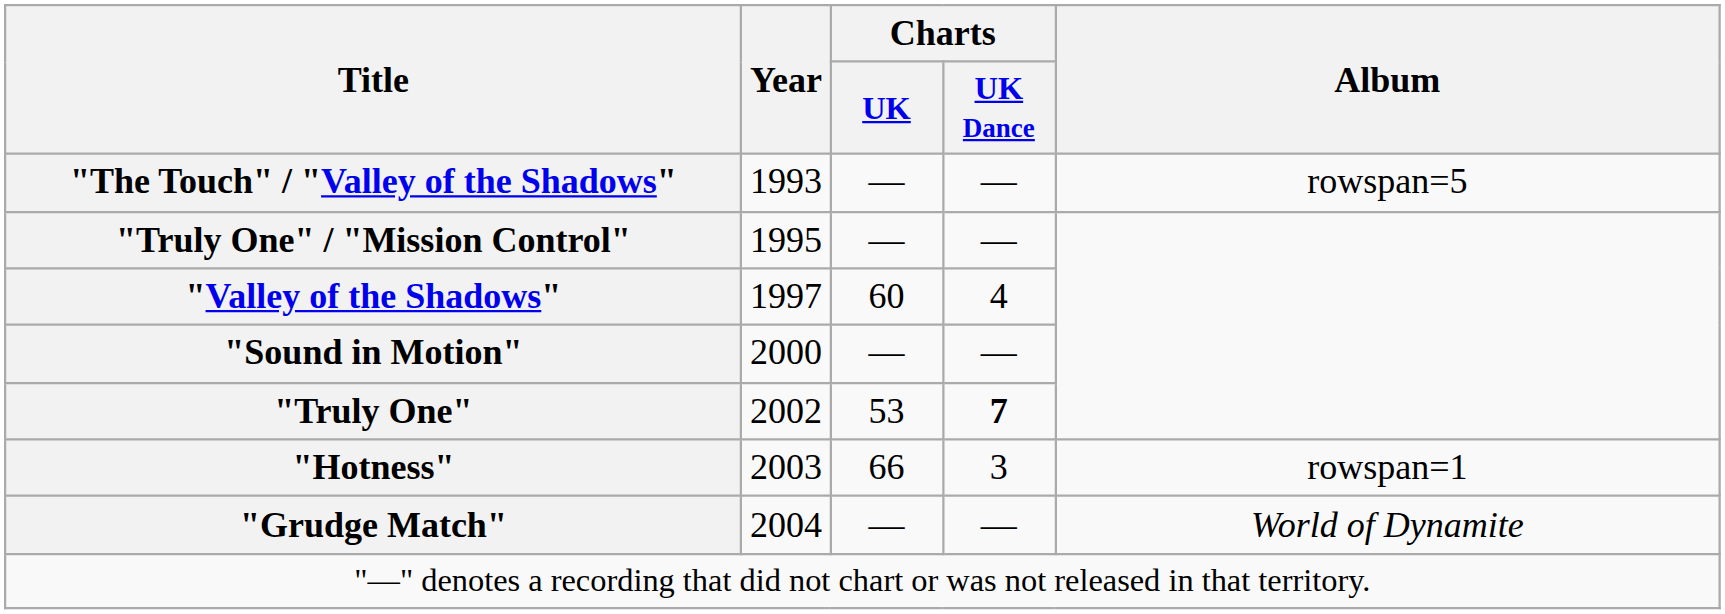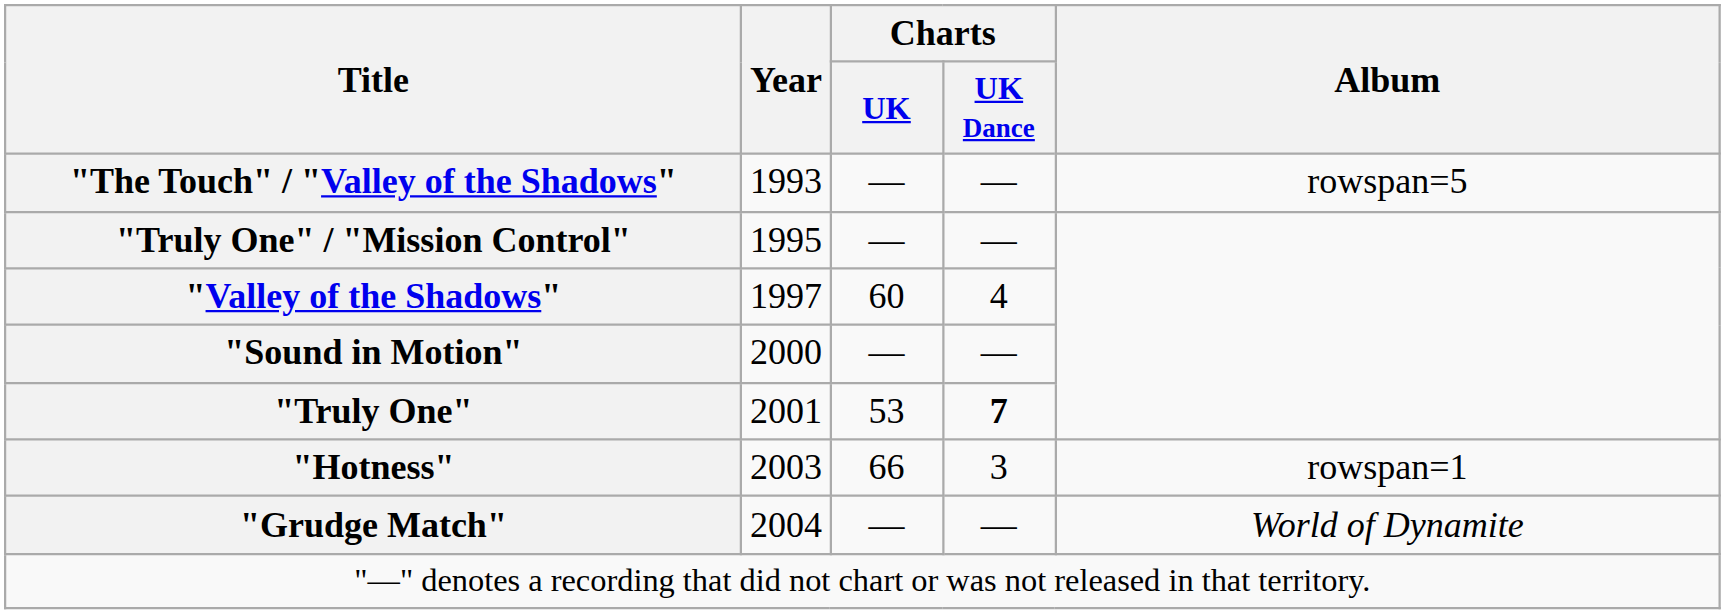 <table class="wikitable plainrowheaders" style="text-align:center;" border="1">
 <tr>
 <th scope="col" rowspan="2" style="width:20em;">Title</th>
 <th scope="col" rowspan="2" style="width:1em;">Year</th>
 <th scope="col" colspan="2">Charts</th>
 <th scope="col" rowspan="2" style="width:18em;">Album</th>
 </tr>
 <tr>
 <th scope="col" style="width:3em;font-size:90%;"><a href='#'>UK</a><br></th>
 <th scope="col" style="width:3em;font-size:90%;"><a href='#'>UK<br><small>Dance</small></a><br></th>
 </tr>
 <tr>
 <th scope="row">"The Touch" / "<a href='#'>Valley of the Shadows</a>"</th>
 <td rowspan="1">1993</td>
 <td>—</td>
 <td>—</td>
 <td>rowspan=5 </td>
 </tr>
 <tr>
 <th scope="row">"Truly One" / "Mission Control"</th>
 <td rowspan="1">1995</td>
 <td>—</td>
 <td>—</td>
 </tr>
 <tr>
 <th scope="row">"<a href='#'>Valley of the Shadows</a>"</th>
 <td rowspan="1">1997</td>
 <td>60</td>
 <td>4</td>
 </tr>
 <tr>
 <th scope="row">"Sound in Motion"</th>
 <td rowspan="1">2000</td>
 <td>—</td>
 <td>—</td>
 </tr>
 <tr>
 <th scope="row">"Truly One"</th>
-<td rowspan="1">2002</td>
+<td rowspan="1">2001</td>
 <td>53</td>
 <td><strong>7</strong></td>
 </tr>
 <tr>
 <th scope="row">"Hotness"<br></th>
 <td rowspan="1">2003</td>
 <td>66</td>
 <td>3</td>
 <td>rowspan=1 </td>
 </tr>
 <tr>
 <th scope="row">"Grudge Match"</th>
 <td rowspan="1">2004</td>
 <td>—</td>
 <td>—</td>
 <td><em>World of Dynamite</em></td>
 </tr>
 <tr>
 <td colspan="13" style="font-size:90%">"—" denotes a recording that did not chart or was not released in that territory.</td>
 </tr>
 </table>
